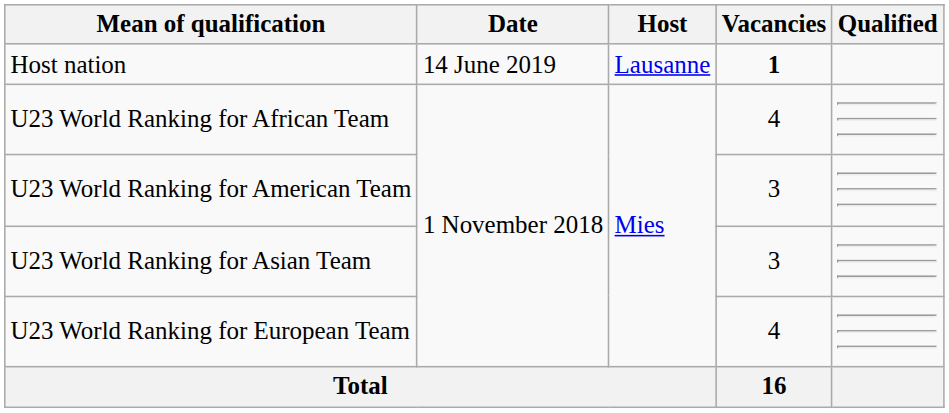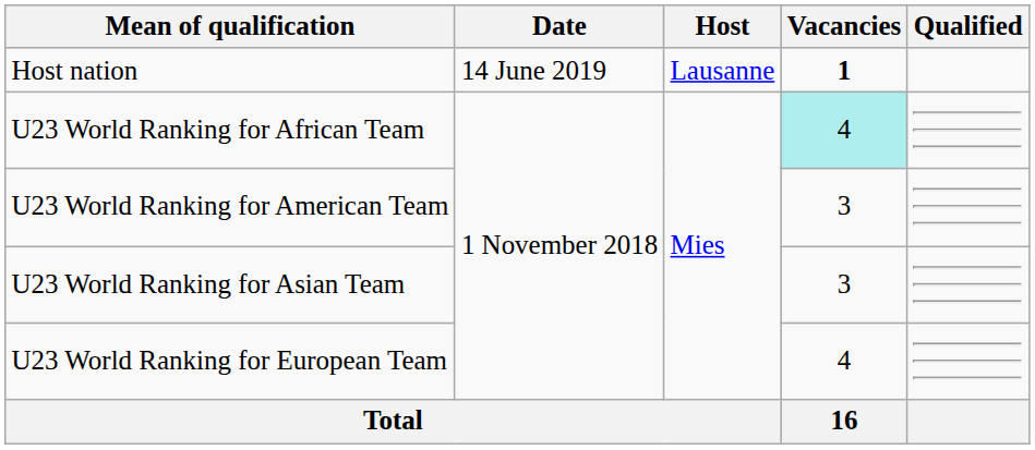 <table class="wikitable">
 <tr>
 <th>Mean of qualification</th>
 <th>Date</th>
 <th>Host</th>
 <th>Vacancies</th>
 <th>Qualified</th>
 </tr>
 <tr>
 <td>Host nation</td>
 <td>14 June 2019</td>
 <td> <a href='#'>Lausanne</a></td>
 <td style="text-align:center;"><strong>1</strong></td>
 <td></td>
 </tr>
 <tr>
 <td>U23 World Ranking for African Team</td>
 <td rowspan="4">1 November 2018</td>
 <td rowspan="4"> <a href='#'>Mies</a></td>
-<td style="text-align:center;">4</td>
+<td style="background: paleturquoise; text-align:center;">4</td>
 <td><hr><hr><hr></td>
 </tr>
 <tr>
 <td>U23 World Ranking for American Team</td>
 <td style="text-align:center;">3</td>
 <td><hr><hr><hr></td>
 </tr>
 <tr>
 <td>U23 World Ranking for Asian Team</td>
 <td style="text-align:center;">3</td>
 <td><hr><hr><hr></td>
 </tr>
 <tr>
 <td>U23 World Ranking for European Team</td>
 <td style="text-align:center;">4</td>
 <td><hr><hr><hr></td>
 </tr>
 <tr>
 <th colspan="3">Total</th>
 <th>16</th>
 <th></th>
 </tr>
 </table>
